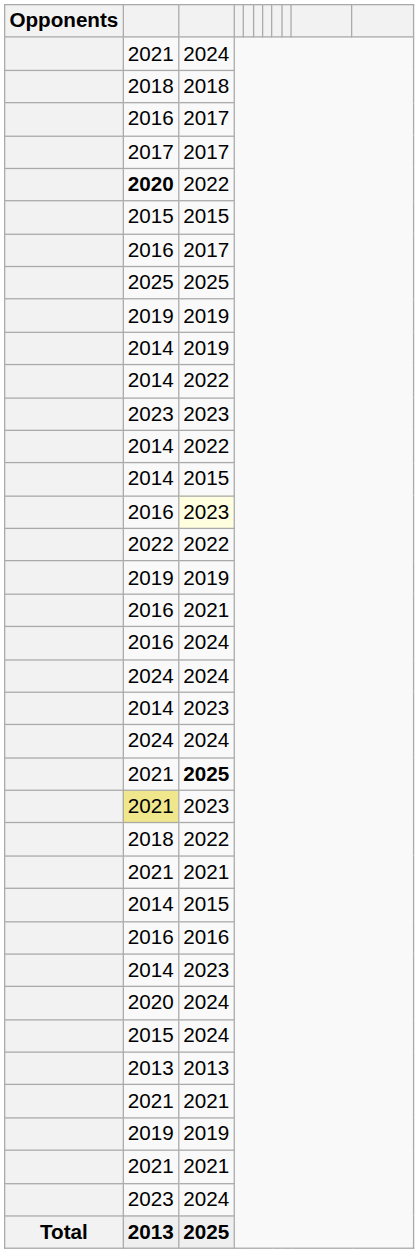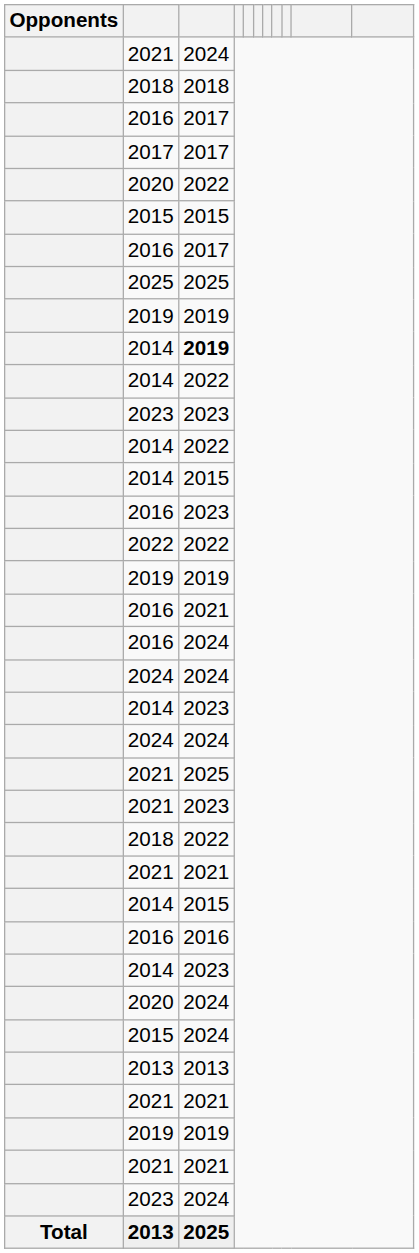 <table class="sortable wikitable plainrowheaders" style="text-align:center">
 <tr>
 <th scope=col>Opponents</th>
 <th scope=col></th>
 <th scope=col></th>
 <th scope=col></th>
 <th scope=col></th>
 <th scope=col></th>
 <th scope=col></th>
 <th scope=col></th>
 <th scope=col></th>
 <th scope=col width="40"></th>
 <th scope=col width="40"></th>
 </tr>
 <tr>
 <th scope=row><br></th>
 <td>2021</td>
 <td>2024</td>
 </tr>
 <tr>
 <th scope=row><br></th>
 <td>2018</td>
 <td>2018</td>
 </tr>
 <tr>
 <th scope=row><br></th>
 <td>2016</td>
 <td>2017</td>
 </tr>
 <tr>
 <th scope=row><br></th>
 <td>2017</td>
 <td>2017</td>
 </tr>
 <tr>
 <th scope=row><br></th>
-<td><strong>2020</strong></td>
+<td>2020</td>
 <td>2022</td>
 </tr>
 <tr>
 <th scope=row><br></th>
 <td>2015</td>
 <td>2015</td>
 </tr>
 <tr>
 <th scope=row><br></th>
 <td>2016</td>
 <td>2017</td>
 </tr>
 <tr>
 <th scope=row><br></th>
 <td>2025</td>
 <td>2025</td>
 </tr>
 <tr>
 <th scope=row><br></th>
 <td>2019</td>
 <td>2019</td>
 </tr>
 <tr>
 <th scope=row><br></th>
 <td>2014</td>
-<td>2019</td>
+<td><strong>2019</strong></td>
 </tr>
 <tr>
 <th scope=row><br></th>
 <td>2014</td>
 <td>2022</td>
 </tr>
 <tr>
 <th scope=row><br></th>
 <td>2023</td>
 <td>2023</td>
 </tr>
 <tr>
 <th scope=row><br></th>
 <td>2014</td>
 <td>2022</td>
 </tr>
 <tr>
 <th scope=row><br></th>
 <td>2014</td>
 <td>2015</td>
 </tr>
 <tr>
 <th scope=row><br></th>
 <td>2016</td>
-<td style="background: lightyellow;">2023</td>
+<td>2023</td>
 </tr>
 <tr>
 <th scope=row><br></th>
 <td>2022</td>
 <td>2022</td>
 </tr>
 <tr>
 <th scope=row><br></th>
 <td>2019</td>
 <td>2019</td>
 </tr>
 <tr>
 <th scope=row><br></th>
 <td>2016</td>
 <td>2021</td>
 </tr>
 <tr>
 <th scope=row><br></th>
 <td>2016</td>
 <td>2024</td>
 </tr>
 <tr>
 <th scope=row><br></th>
 <td>2024</td>
 <td>2024</td>
 </tr>
 <tr>
 <th scope=row><br></th>
 <td>2014</td>
 <td>2023</td>
 </tr>
 <tr>
 <th scope=row><br></th>
 <td>2024</td>
 <td>2024</td>
 </tr>
 <tr>
 <th scope=row><br></th>
 <td>2021</td>
-<td><strong>2025</strong></td>
+<td>2025</td>
 </tr>
 <tr>
 <th scope=row><br></th>
-<td style="background: khaki;">2021</td>
+<td>2021</td>
 <td>2023</td>
 </tr>
 <tr>
 <th scope=row><br></th>
 <td>2018</td>
 <td>2022</td>
 </tr>
 <tr>
 <th scope=row><br></th>
 <td>2021</td>
 <td>2021</td>
 </tr>
 <tr>
 <th scope=row><br></th>
 <td>2014</td>
 <td>2015</td>
 </tr>
 <tr>
 <th scope=row><br></th>
 <td>2016</td>
 <td>2016</td>
 </tr>
 <tr>
 <th scope=row><br></th>
 <td>2014</td>
 <td>2023</td>
 </tr>
 <tr>
 <th scope=row><br></th>
 <td>2020</td>
 <td>2024</td>
 </tr>
 <tr>
 <th scope=row><br></th>
 <td>2015</td>
 <td>2024</td>
 </tr>
 <tr>
 <th scope=row><br></th>
 <td>2013</td>
 <td>2013</td>
 </tr>
 <tr>
 <th scope=row><br></th>
 <td>2021</td>
 <td>2021</td>
 </tr>
 <tr>
 <th scope=row><br></th>
 <td>2019</td>
 <td>2019</td>
 </tr>
 <tr>
 <th scope=row><br></th>
 <td>2021</td>
 <td>2021</td>
 </tr>
 <tr>
 <th scope=row><br></th>
 <td>2023</td>
 <td>2024</td>
 </tr>
 <tr class=sortbottom>
 <th scope=row><strong>Total</strong><br></th>
 <th style="background:#EFEFEF">2013</th>
 <th style="background:#EFEFEF">2025</th>
 </tr>
 </table>
